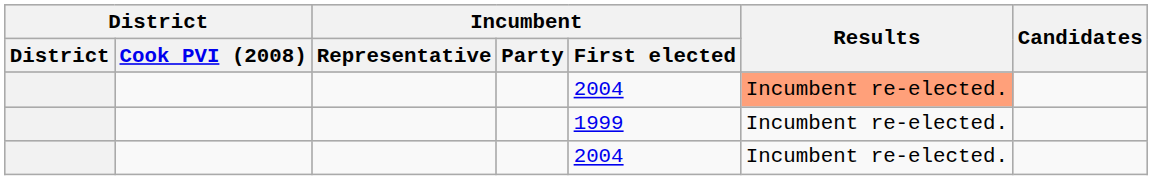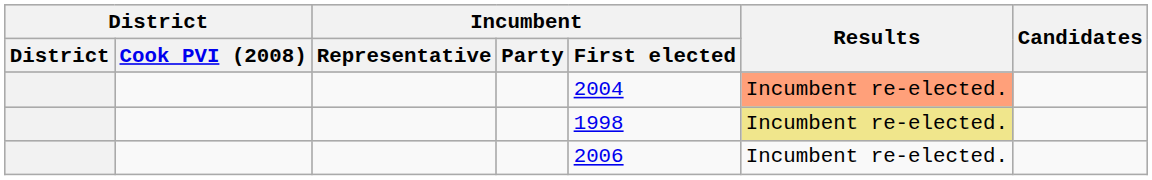 <table class="wikitable sortable">
 <tr>
 <th colspan=2>District</th>
 <th colspan=3>Incumbent</th>
 <th rowspan=2>Results</th>
 <th rowspan=2>Candidates</th>
 </tr>
 <tr valign=bottom>
 <th>District</th>
 <th><a href='#'>Cook PVI</a> (2008)</th>
 <th>Representative</th>
 <th>Party</th>
 <th>First elected</th>
 </tr>
 <tr>
 <th></th>
 <td></td>
 <td></td>
 <td></td>
 <td><a href='#'>2004</a></td>
 <td style="background: lightsalmon;">Incumbent re-elected.</td>
 <td nowrap></td>
 </tr>
 <tr>
 <th></th>
 <td></td>
 <td></td>
 <td></td>
-<td><a href='#'>1999</a></td>
-<td>Incumbent re-elected.</td>
+<td><a href='#'>1998</a></td>
+<td style="background: khaki;">Incumbent re-elected.</td>
 <td nowrap></td>
 </tr>
 <tr>
 <th></th>
 <td></td>
 <td></td>
 <td></td>
-<td><a href='#'>2004</a></td>
+<td><a href='#'>2006</a></td>
 <td>Incumbent re-elected.</td>
 <td nowrap></td>
 </tr>
 </table>
